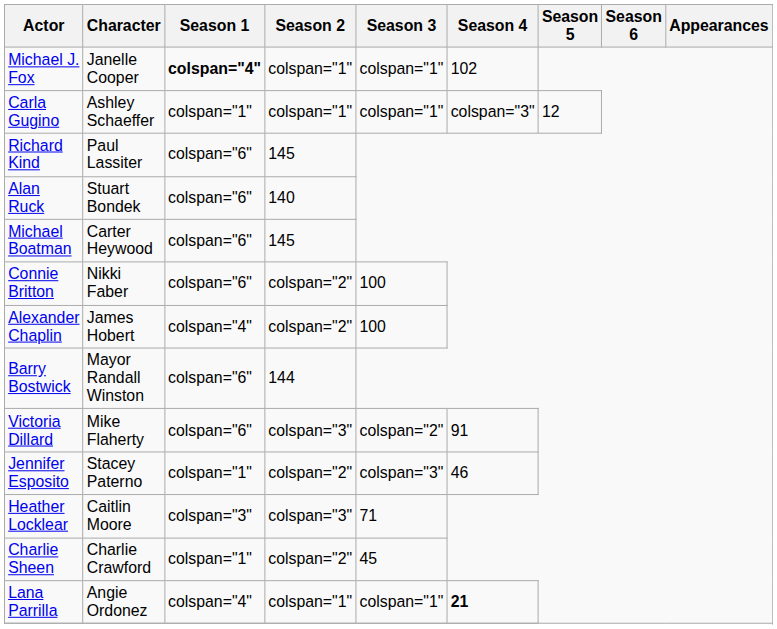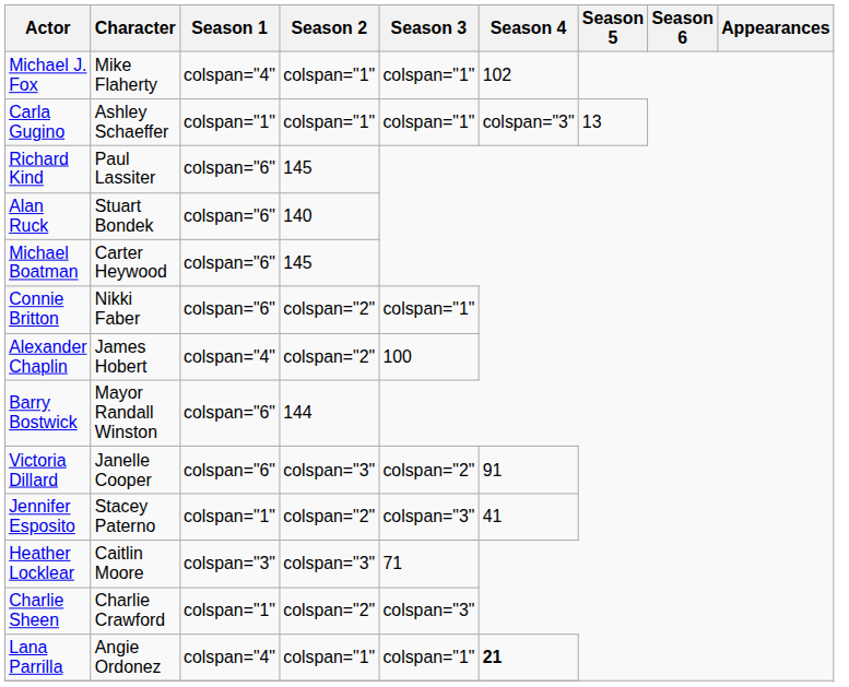 <table class="wikitable sortable">
 <tr>
 <th>Actor</th>
 <th>Character</th>
 <th>Season 1</th>
 <th>Season 2</th>
 <th>Season 3</th>
 <th>Season 4</th>
 <th>Season 5</th>
 <th>Season 6</th>
 <th>Appearances</th>
 </tr>
 <tr>
 <td><a href='#'>Michael J. Fox</a></td>
-<td>Janelle Cooper</td>
-<td><strong>colspan="4" </strong></td>
+<td>Mike Flaherty</td>
+<td>colspan="4" </td>
 <td>colspan="1" </td>
 <td>colspan="1" </td>
 <td>102</td>
 </tr>
 <tr>
 <td><a href='#'>Carla Gugino</a></td>
 <td>Ashley Schaeffer</td>
 <td>colspan="1" </td>
 <td>colspan="1" </td>
 <td>colspan="1" </td>
 <td>colspan="3" </td>
-<td>12</td>
+<td>13</td>
 </tr>
 <tr>
 <td><a href='#'>Richard Kind</a></td>
 <td>Paul Lassiter</td>
 <td>colspan="6" </td>
 <td>145</td>
 </tr>
 <tr>
 <td><a href='#'>Alan Ruck</a></td>
 <td>Stuart Bondek</td>
 <td>colspan="6" </td>
 <td>140</td>
 </tr>
 <tr>
 <td><a href='#'>Michael Boatman</a></td>
 <td>Carter Heywood</td>
 <td>colspan="6" </td>
 <td>145</td>
 </tr>
 <tr>
 <td><a href='#'>Connie Britton</a></td>
 <td>Nikki Faber</td>
 <td>colspan="6" </td>
 <td>colspan="2" </td>
-<td>100</td>
+<td>colspan="1" </td>
 </tr>
 <tr>
 <td><a href='#'>Alexander Chaplin</a></td>
 <td>James Hobert</td>
 <td>colspan="4" </td>
 <td>colspan="2" </td>
 <td>100</td>
 </tr>
 <tr>
 <td><a href='#'>Barry Bostwick</a></td>
 <td>Mayor Randall Winston</td>
 <td>colspan="6" </td>
 <td>144</td>
 </tr>
 <tr>
 <td><a href='#'>Victoria Dillard</a></td>
-<td>Mike Flaherty</td>
+<td>Janelle Cooper</td>
 <td>colspan="6" </td>
 <td>colspan="3" </td>
 <td>colspan="2" </td>
 <td>91</td>
 </tr>
 <tr>
 <td><a href='#'>Jennifer Esposito</a></td>
 <td>Stacey Paterno</td>
 <td>colspan="1" </td>
 <td>colspan="2" </td>
 <td>colspan="3" </td>
-<td>46</td>
+<td>41</td>
 </tr>
 <tr>
 <td><a href='#'>Heather Locklear</a></td>
 <td>Caitlin Moore</td>
 <td>colspan="3" </td>
 <td>colspan="3" </td>
 <td>71</td>
 </tr>
 <tr>
 <td><a href='#'>Charlie Sheen</a></td>
 <td>Charlie Crawford</td>
 <td>colspan="1" </td>
 <td>colspan="2" </td>
-<td>45</td>
+<td>colspan="3" </td>
 </tr>
 <tr>
 <td><a href='#'>Lana Parrilla</a></td>
 <td>Angie Ordonez</td>
 <td>colspan="4" </td>
 <td>colspan="1" </td>
 <td>colspan="1" </td>
 <td><strong>21</strong></td>
 </tr>
 <tr>
 </tr>
 </table>
